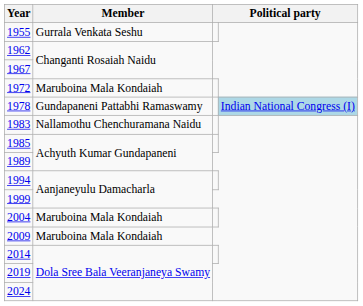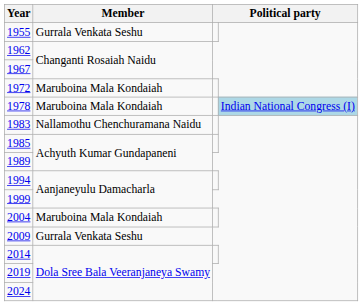 <table class="wikitable sortable">
 <tr>
 <th>Year</th>
 <th>Member</th>
 <th colspan="2">Political party</th>
 </tr>
 <tr>
 <td><a href='#'>1955</a></td>
 <td>Gurrala Venkata Seshu</td>
 <td></td>
 </tr>
 <tr>
 <td><a href='#'>1962</a></td>
 <td rowspan=2>Changanti Rosaiah Naidu</td>
 </tr>
 <tr>
 <td><a href='#'>1967</a></td>
 </tr>
 <tr>
 <td><a href='#'>1972</a></td>
 <td>Maruboina Mala Kondaiah</td>
 <td></td>
 </tr>
 <tr>
 <td><a href='#'>1978</a></td>
-<td>Gundapaneni Pattabhi Ramaswamy</td>
+<td>Maruboina Mala Kondaiah</td>
 <td style="background-color: "></td>
 <td style="background: lightblue;"><a href='#'>Indian National Congress (I)</a></td>
 </tr>
 <tr>
 <td><a href='#'>1983</a></td>
 <td>Nallamothu Chenchuramana Naidu</td>
 <td></td>
 </tr>
 <tr>
 <td><a href='#'>1985</a></td>
 <td rowspan=2>Achyuth Kumar Gundapaneni</td>
 <td></td>
 </tr>
 <tr>
 <td><a href='#'>1989</a></td>
 </tr>
 <tr>
 <td><a href='#'>1994</a></td>
 <td rowspan=2>Aanjaneyulu Damacharla</td>
 <td></td>
 </tr>
 <tr>
 <td><a href='#'>1999</a></td>
 </tr>
 <tr>
 <td><a href='#'>2004</a></td>
 <td>Maruboina Mala Kondaiah</td>
 <td></td>
 </tr>
 <tr>
 <td><a href='#'>2009</a></td>
-<td>Maruboina Mala Kondaiah</td>
+<td>Gurrala Venkata Seshu</td>
 </tr>
 <tr>
 <td><a href='#'>2014</a></td>
 <td rowspan=3><a href='#'>Dola Sree Bala Veeranjaneya Swamy</a></td>
 <td></td>
 </tr>
 <tr>
 <td><a href='#'>2019</a></td>
 </tr>
 <tr>
 <td><a href='#'>2024</a></td>
 </tr>
 </table>
